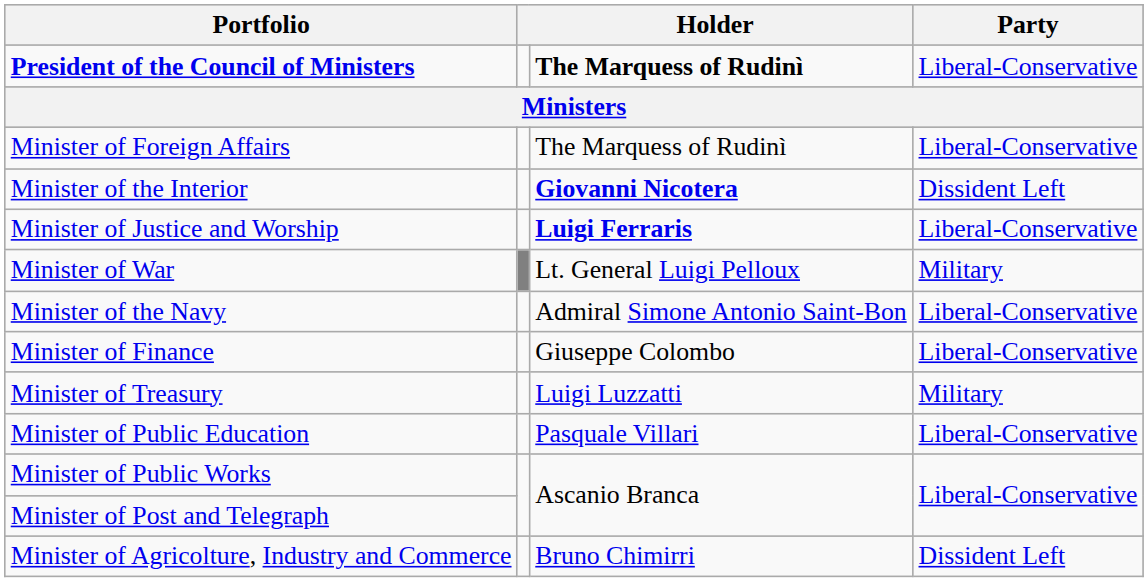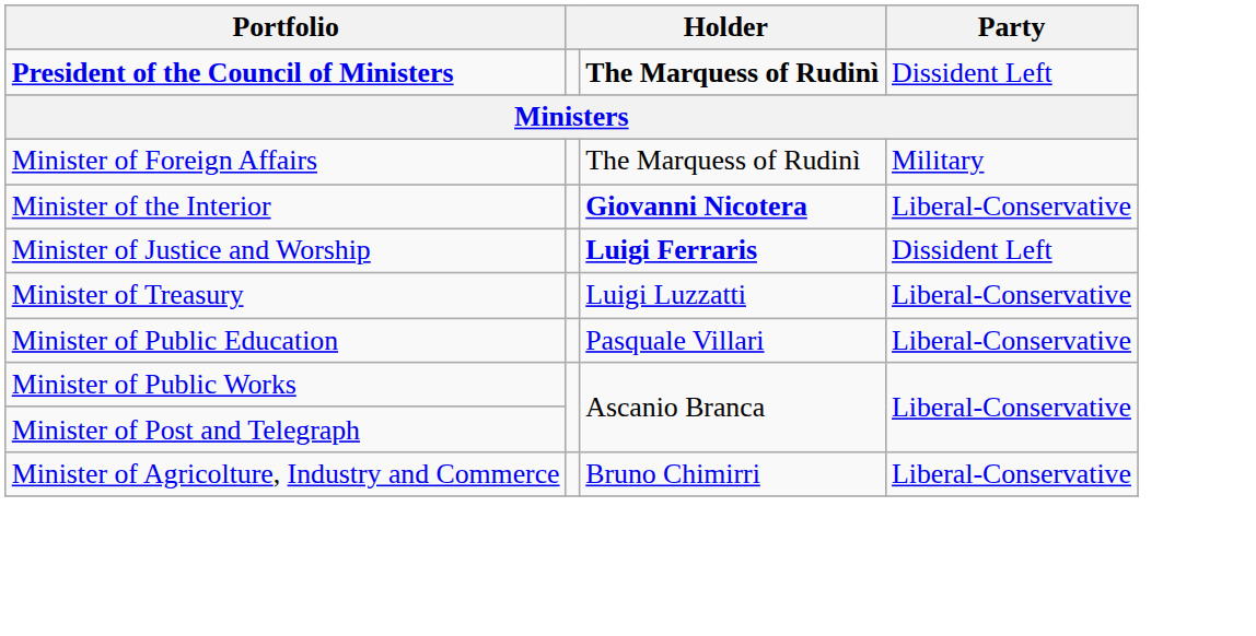 <table class="wikitable">
 <tr>
 <th>Portfolio</th>
 <th colspan=2>Holder</th>
 <th>Party</th>
 </tr>
 <tr>
 <td><strong><a href='#'>President of the Council of Ministers</a></strong></td>
 <td style="background:"></td>
 <td><strong>The Marquess of Rudinì</strong></td>
-<td><a href='#'>Liberal-Conservative</a></td>
+<td><a href='#'>Dissident Left</a></td>
 </tr>
 <tr>
 <th colspan=4 align=center><a href='#'>Ministers</a></th>
 </tr>
 <tr>
 <td><a href='#'>Minister of Foreign Affairs</a></td>
 <td style="background:"></td>
 <td>The Marquess of Rudinì</td>
-<td><a href='#'>Liberal-Conservative</a></td>
+<td><a href='#'>Military</a></td>
 </tr>
 <tr>
 <td><a href='#'>Minister of the Interior</a></td>
 <td style="background:"></td>
 <td><strong><a href='#'>Giovanni Nicotera</a></strong></td>
-<td><a href='#'>Dissident Left</a></td>
+<td><a href='#'>Liberal-Conservative</a></td>
 </tr>
 <tr>
 <td><a href='#'>Minister of Justice and Worship</a></td>
 <td style="background:"></td>
 <td><strong><a href='#'>Luigi Ferraris</a></strong></td>
-<td><a href='#'>Liberal-Conservative</a></td>
-</tr>
-<tr>
-<td><a href='#'>Minister of War</a></td>
-<td style="background:#808080;"></td>
-<td>Lt. General <a href='#'>Luigi Pelloux</a></td>
-<td><a href='#'>Military</a></td>
-</tr>
-<tr>
-<td><a href='#'>Minister of the Navy</a></td>
-<td style="background:"></td>
-<td>Admiral <a href='#'>Simone Antonio Saint-Bon</a></td>
-<td><a href='#'>Liberal-Conservative</a></td>
-</tr>
-<tr>
-<td><a href='#'>Minister of Finance</a></td>
-<td style="background:"></td>
-<td>Giuseppe Colombo</td>
-<td><a href='#'>Liberal-Conservative</a></td>
+<td><a href='#'>Dissident Left</a></td>
 </tr>
 <tr>
 <td><a href='#'>Minister of Treasury</a></td>
 <td style="background:"></td>
 <td><a href='#'>Luigi Luzzatti</a></td>
-<td><a href='#'>Military</a></td>
+<td><a href='#'>Liberal-Conservative</a></td>
 </tr>
 <tr>
 <td><a href='#'>Minister of Public Education</a></td>
 <td style="background:"></td>
 <td><a href='#'>Pasquale Villari</a></td>
 <td><a href='#'>Liberal-Conservative</a></td>
 </tr>
 <tr>
 <td><a href='#'>Minister of Public Works</a></td>
 <td rowspan=2 style="background:"></td>
 <td rowspan=2>Ascanio Branca</td>
 <td rowspan=2><a href='#'>Liberal-Conservative</a></td>
 </tr>
 <tr>
 <td><a href='#'>Minister of Post and Telegraph</a></td>
 </tr>
 <tr>
 <td><a href='#'>Minister of Agricolture</a>, <a href='#'>Industry and Commerce</a></td>
 <td style="background:"></td>
 <td><a href='#'>Bruno Chimirri</a></td>
-<td><a href='#'>Dissident Left</a></td>
+<td><a href='#'>Liberal-Conservative</a></td>
 </tr>
 </table>
